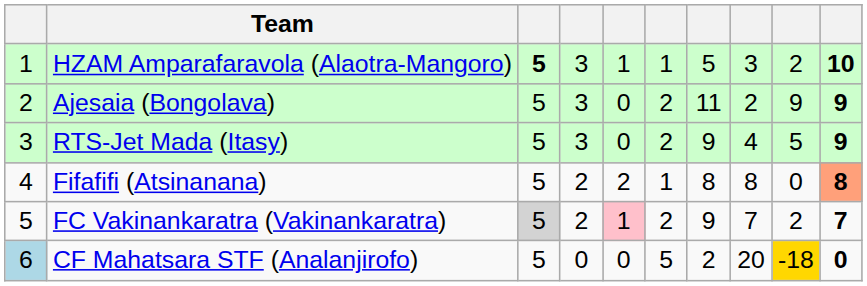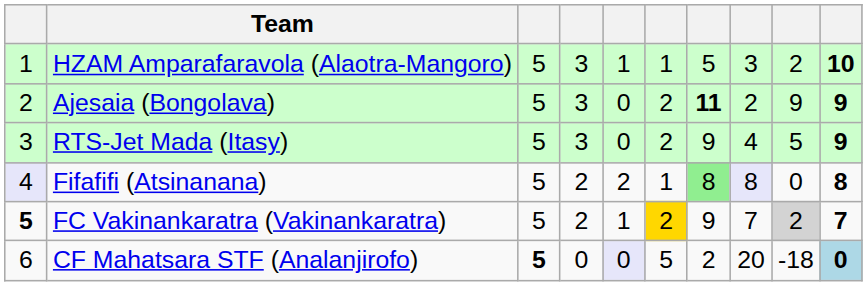 <table class="wikitable" style="text-align: center;">
 <tr>
 <th width=20></th>
 <th>Team</th>
 <th width=20></th>
 <th width=20></th>
 <th width=20></th>
 <th width=20></th>
 <th width=20></th>
 <th width=20></th>
 <th width=20></th>
 <th width=20></th>
 </tr>
 <tr bgcolor=#ccffcc>
 <td>1</td>
 <td align=left><a href='#'>HZAM Amparafaravola</a> (<a href='#'>Alaotra-Mangoro</a>)</td>
-<td><strong>5</strong></td>
+<td>5</td>
 <td>3</td>
 <td>1</td>
 <td>1</td>
 <td>5</td>
 <td>3</td>
 <td>2</td>
 <td><strong>10</strong></td>
 </tr>
 <tr bgcolor=#ccffcc>
 <td>2</td>
 <td align=left><a href='#'>Ajesaia</a> (<a href='#'>Bongolava</a>)</td>
 <td>5</td>
 <td>3</td>
 <td>0</td>
 <td>2</td>
-<td>11</td>
+<td><strong>11</strong></td>
 <td>2</td>
 <td>9</td>
 <td><strong>9</strong></td>
 </tr>
 <tr bgcolor=#ccffcc>
 <td>3</td>
 <td align=left><a href='#'>RTS-Jet Mada</a> (<a href='#'>Itasy</a>)</td>
 <td>5</td>
 <td>3</td>
 <td>0</td>
 <td>2</td>
 <td>9</td>
 <td>4</td>
 <td>5</td>
 <td><strong>9</strong></td>
 </tr>
 <tr>
-<td>4</td>
+<td style="background: lavender;">4</td>
 <td align=left><a href='#'>Fifafifi</a> (<a href='#'>Atsinanana</a>)</td>
 <td>5</td>
 <td>2</td>
 <td>2</td>
 <td>1</td>
-<td>8</td>
-<td>8</td>
+<td style="background: lightgreen;">8</td>
+<td style="background: lavender;">8</td>
 <td>0</td>
-<td style="background: lightsalmon;"><strong>8</strong></td>
+<td><strong>8</strong></td>
 </tr>
 <tr>
+<td><strong>5</strong></td>
+<td align=left><a href='#'>FC Vakinankaratra</a> (<a href='#'>Vakinankaratra</a>)</td>
 <td>5</td>
-<td align=left><a href='#'>FC Vakinankaratra</a> (<a href='#'>Vakinankaratra</a>)</td>
-<td style="background: lightgrey;">5</td>
 <td>2</td>
-<td style="background: pink;">1</td>
-<td>2</td>
+<td>1</td>
+<td style="background: gold;">2</td>
 <td>9</td>
 <td>7</td>
-<td>2</td>
+<td style="background: lightgrey;">2</td>
 <td><strong>7</strong></td>
 </tr>
 <tr>
-<td style="background: lightblue;">6</td>
+<td>6</td>
 <td align=left><a href='#'>CF Mahatsara STF</a> (<a href='#'>Analanjirofo</a>)</td>
-<td>5</td>
+<td><strong>5</strong></td>
 <td>0</td>
-<td>0</td>
+<td style="background: lavender;">0</td>
 <td>5</td>
 <td>2</td>
 <td>20</td>
-<td style="background: gold;">-18</td>
-<td><strong>0</strong></td>
+<td>-18</td>
+<td style="background: lightblue;"><strong>0</strong></td>
 </tr>
 </table>
